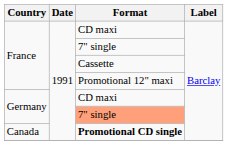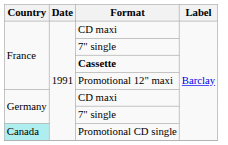 <table class=wikitable>
 <tr>
 <th>Country</th>
 <th>Date</th>
 <th>Format</th>
 <th>Label</th>
 </tr>
 <tr>
 <td rowspan="4">France</td>
 <td rowspan="7">1991</td>
 <td>CD maxi</td>
 <td rowspan="7"><a href='#'>Barclay</a></td>
 </tr>
 <tr>
 <td>7" single</td>
 </tr>
 <tr>
-<td>Cassette</td>
+<td><strong>Cassette</strong></td>
 </tr>
 <tr>
 <td>Promotional 12" maxi</td>
 </tr>
 <tr>
 <td rowspan="2">Germany</td>
 <td>CD maxi</td>
 </tr>
 <tr>
-<td style="background: lightsalmon;">7" single</td>
+<td>7" single</td>
 </tr>
 <tr>
-<td>Canada</td>
-<td><strong>Promotional CD single</strong></td>
+<td style="background: paleturquoise;">Canada</td>
+<td>Promotional CD single</td>
 </tr>
 <tr>
 </tr>
 </table>
